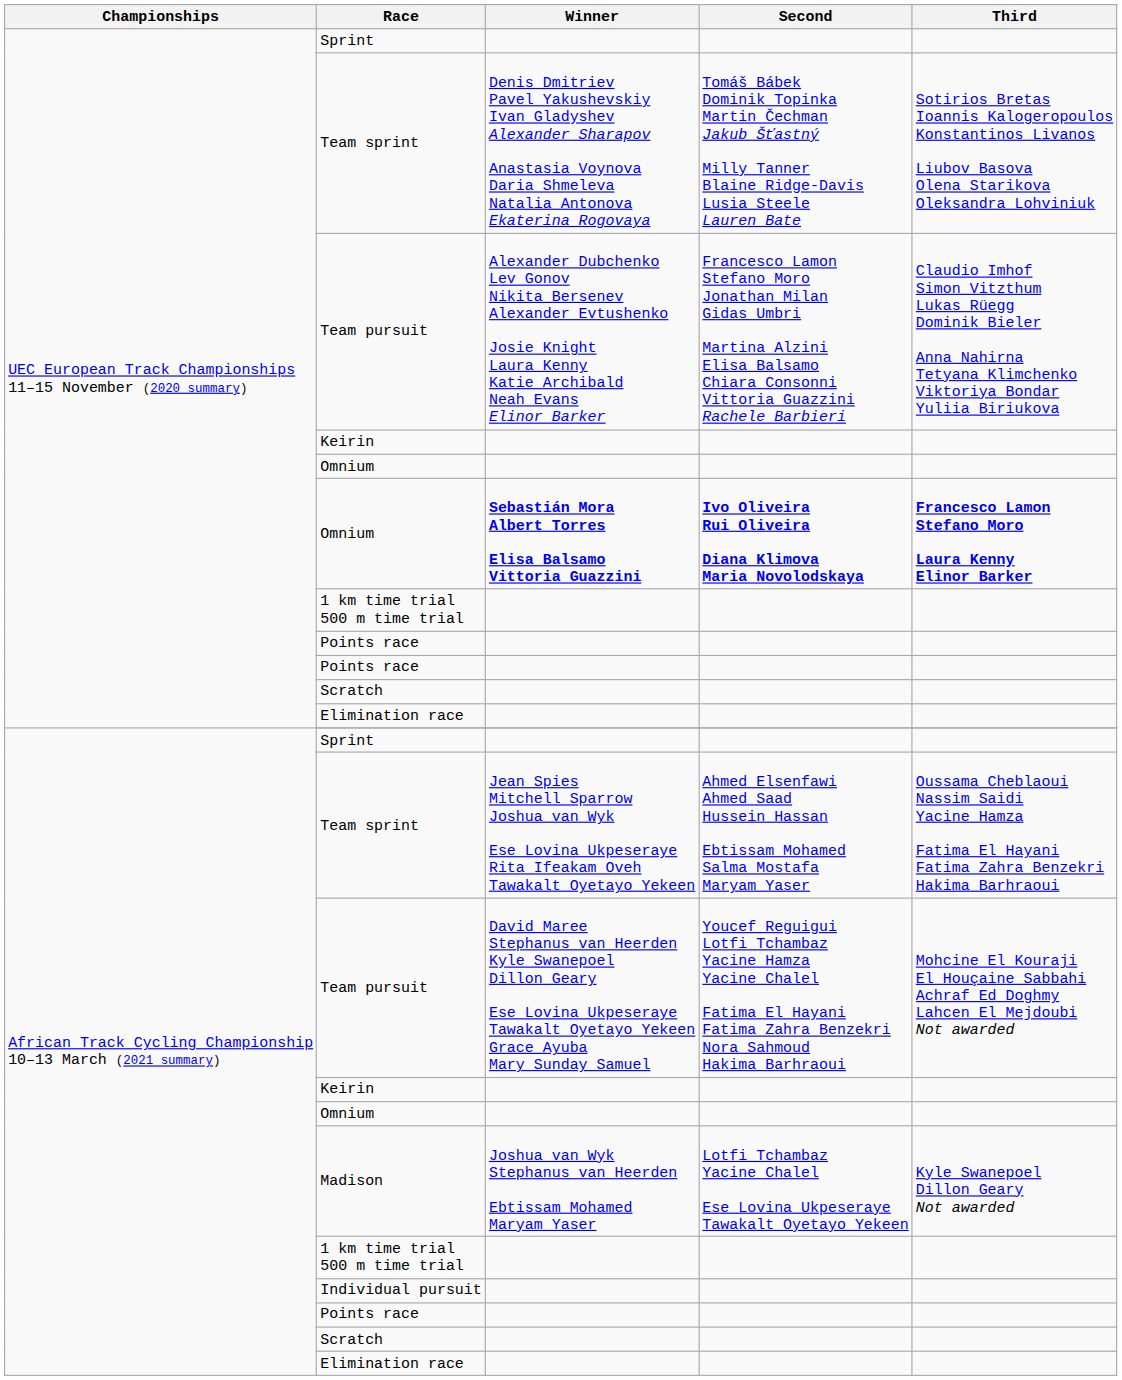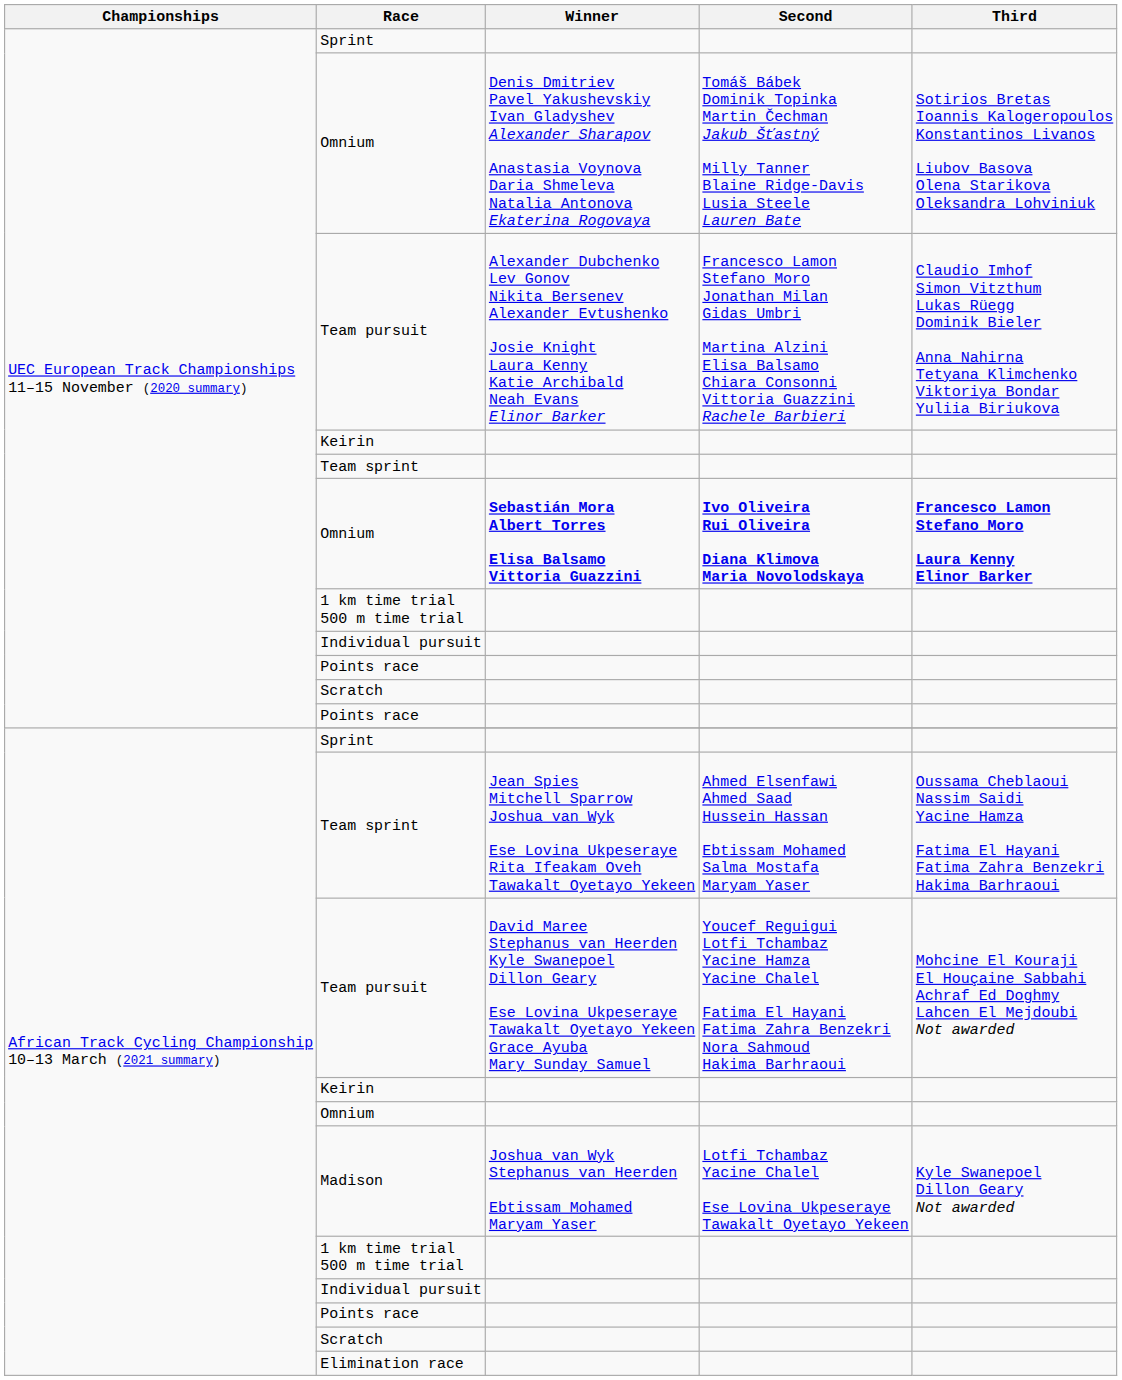 <table class="wikitable sortable">
 <tr>
 <th>Championships</th>
 <th>Race</th>
 <th>Winner</th>
 <th>Second</th>
 <th>Third</th>
 </tr>
 <tr>
 <td rowspan=11><a href='#'>UEC European Track Championships</a><br> 11–15 November <small>(<a href='#'>2020 summary</a>)</small></td>
 <td>Sprint</td>
 <td><br></td>
 <td><br></td>
 <td><br></td>
 </tr>
 <tr>
-<td>Team sprint</td>
+<td>Omnium</td>
 <td><br><a href='#'>Denis Dmitriev</a><br><a href='#'>Pavel Yakushevskiy</a><br><a href='#'>Ivan Gladyshev</a><br><em><a href='#'>Alexander Sharapov</a></em><br><br><a href='#'>Anastasia Voynova</a><br><a href='#'>Daria Shmeleva</a><br><a href='#'>Natalia Antonova</a><br><em><a href='#'>Ekaterina Rogovaya</a></em></td>
 <td><br><a href='#'>Tomáš Bábek</a><br><a href='#'>Dominik Topinka</a><br><a href='#'>Martin Čechman</a><br><em><a href='#'>Jakub Šťastný</a></em><br><br><a href='#'>Milly Tanner</a><br><a href='#'>Blaine Ridge-Davis</a><br><a href='#'>Lusia Steele</a><br><em><a href='#'>Lauren Bate</a></em></td>
 <td><br><a href='#'>Sotirios Bretas</a><br><a href='#'>Ioannis Kalogeropoulos</a><br><a href='#'>Konstantinos Livanos</a><br><br><a href='#'>Liubov Basova</a><br><a href='#'>Olena Starikova</a><br><a href='#'>Oleksandra Lohviniuk</a></td>
 </tr>
 <tr>
 <td>Team pursuit</td>
 <td><br><a href='#'>Alexander Dubchenko</a><br><a href='#'>Lev Gonov</a><br><a href='#'>Nikita Bersenev</a><br><a href='#'>Alexander Evtushenko</a><br><br><a href='#'>Josie Knight</a><br><a href='#'>Laura Kenny</a><br><a href='#'>Katie Archibald</a><br><a href='#'>Neah Evans</a><br><em><a href='#'>Elinor Barker</a></em></td>
 <td><br><a href='#'>Francesco Lamon</a><br><a href='#'>Stefano Moro</a><br><a href='#'>Jonathan Milan</a><br><a href='#'>Gidas Umbri</a><br><br><a href='#'>Martina Alzini</a><br><a href='#'>Elisa Balsamo</a><br><a href='#'>Chiara Consonni</a><br><a href='#'>Vittoria Guazzini</a><br><em><a href='#'>Rachele Barbieri</a></em></td>
 <td><br><a href='#'>Claudio Imhof</a><br><a href='#'>Simon Vitzthum</a><br><a href='#'>Lukas Rüegg</a><br><a href='#'>Dominik Bieler</a><br><br><a href='#'>Anna Nahirna</a><br><a href='#'>Tetyana Klimchenko</a><br><a href='#'>Viktoriya Bondar</a><br><a href='#'>Yuliia Biriukova</a></td>
 </tr>
 <tr>
 <td>Keirin</td>
 <td><br></td>
 <td><br></td>
 <td><br></td>
 </tr>
 <tr>
-<td>Omnium</td>
+<td>Team sprint</td>
 <td><br></td>
 <td><br></td>
 <td><br></td>
 </tr>
 <tr>
 <td>Omnium</td>
 <td><strong><br><a href='#'>Sebastián Mora</a><br><a href='#'>Albert Torres</a><br><br><a href='#'>Elisa Balsamo</a><br><a href='#'>Vittoria Guazzini</a></strong></td>
 <td><strong><br><a href='#'>Ivo Oliveira</a><br><a href='#'>Rui Oliveira</a><br><br><a href='#'>Diana Klimova</a><br><a href='#'>Maria Novolodskaya</a></strong></td>
 <td><strong><br><a href='#'>Francesco Lamon</a><br><a href='#'>Stefano Moro</a><br><br><a href='#'>Laura Kenny</a><br><a href='#'>Elinor Barker</a></strong></td>
 </tr>
 <tr>
 <td>1 km time trial<br>500 m time trial</td>
 <td><br></td>
 <td><br></td>
 <td><br></td>
 </tr>
 <tr>
-<td>Points race</td>
+<td>Individual pursuit</td>
 <td><br></td>
 <td><br></td>
 <td><br></td>
 </tr>
 <tr>
 <td>Points race</td>
 <td><br></td>
 <td><br></td>
 <td><br></td>
 </tr>
 <tr>
 <td>Scratch</td>
 <td><br></td>
 <td><br></td>
 <td><br></td>
 </tr>
 <tr>
-<td>Elimination race</td>
+<td>Points race</td>
 <td><br></td>
 <td><br></td>
 <td><br></td>
 </tr>
 <tr>
 <td rowspan=22><a href='#'>African Track Cycling Championship</a><br> 10–13 March <small>(<a href='#'>2021 summary</a>)</small></td>
 </tr>
 <tr>
 <td>Sprint</td>
 <td><br></td>
 <td><br></td>
 <td><br></td>
 </tr>
 <tr>
 <td>Team sprint</td>
 <td><br><a href='#'>Jean Spies</a><br><a href='#'>Mitchell Sparrow</a><br><a href='#'>Joshua van Wyk</a><br><br><a href='#'>Ese Lovina Ukpeseraye</a><br><a href='#'>Rita Ifeakam Oveh</a><br><a href='#'>Tawakalt Oyetayo Yekeen</a></td>
 <td><br><a href='#'>Ahmed Elsenfawi</a><br><a href='#'>Ahmed Saad</a><br><a href='#'>Hussein Hassan</a><br><br><a href='#'>Ebtissam Mohamed</a><br><a href='#'>Salma Mostafa</a><br><a href='#'>Maryam Yaser</a></td>
 <td><br><a href='#'>Oussama Cheblaoui</a><br><a href='#'>Nassim Saidi</a><br><a href='#'>Yacine Hamza</a><br><br><a href='#'>Fatima El Hayani</a><br><a href='#'>Fatima Zahra Benzekri</a><br><a href='#'>Hakima Barhraoui</a></td>
 </tr>
 <tr>
 <td>Team pursuit</td>
 <td><br><a href='#'>David Maree</a><br><a href='#'>Stephanus van Heerden</a><br><a href='#'>Kyle Swanepoel</a><br><a href='#'>Dillon Geary</a><br><br><a href='#'>Ese Lovina Ukpeseraye</a><br><a href='#'>Tawakalt Oyetayo Yekeen</a><br><a href='#'>Grace Ayuba</a><br><a href='#'>Mary Sunday Samuel</a></td>
 <td><br><a href='#'>Youcef Reguigui</a><br><a href='#'>Lotfi Tchambaz</a><br><a href='#'>Yacine Hamza</a><br><a href='#'>Yacine Chalel</a><br><br><a href='#'>Fatima El Hayani</a><br><a href='#'>Fatima Zahra Benzekri</a><br><a href='#'>Nora Sahmoud</a><br><a href='#'>Hakima Barhraoui</a></td>
 <td><br><a href='#'>Mohcine El Kouraji</a><br><a href='#'>El Houçaine Sabbahi</a><br><a href='#'>Achraf Ed Doghmy</a><br><a href='#'>Lahcen El Mejdoubi</a><br><em>Not awarded</em></td>
 </tr>
 <tr>
 <td>Keirin</td>
 <td><br></td>
 <td><br></td>
 <td><br></td>
 </tr>
 <tr>
 <td>Omnium</td>
 <td><br></td>
 <td><br></td>
 <td><br></td>
 </tr>
 <tr>
 <td>Madison</td>
 <td><br><a href='#'>Joshua van Wyk</a><br><a href='#'>Stephanus van Heerden</a><br><br><a href='#'>Ebtissam Mohamed</a><br><a href='#'>Maryam Yaser</a></td>
 <td><br><a href='#'>Lotfi Tchambaz</a><br><a href='#'>Yacine Chalel</a><br><br><a href='#'>Ese Lovina Ukpeseraye</a><br><a href='#'>Tawakalt Oyetayo Yekeen</a></td>
 <td><br><a href='#'>Kyle Swanepoel</a><br><a href='#'>Dillon Geary</a><br><em>Not awarded</em></td>
 </tr>
 <tr>
 <td>1 km time trial<br>500 m time trial</td>
 <td><br></td>
 <td><br></td>
 <td><br></td>
 </tr>
 <tr>
 <td>Individual pursuit</td>
 <td><br></td>
 <td><br></td>
 <td><br></td>
 </tr>
 <tr>
 <td>Points race</td>
 <td><br></td>
 <td><br></td>
 <td><br></td>
 </tr>
 <tr>
 <td>Scratch</td>
 <td><br></td>
 <td><br></td>
 <td><br></td>
 </tr>
 <tr>
 <td>Elimination race</td>
 <td><br></td>
 <td><br></td>
 <td><br></td>
 </tr>
 </table>
